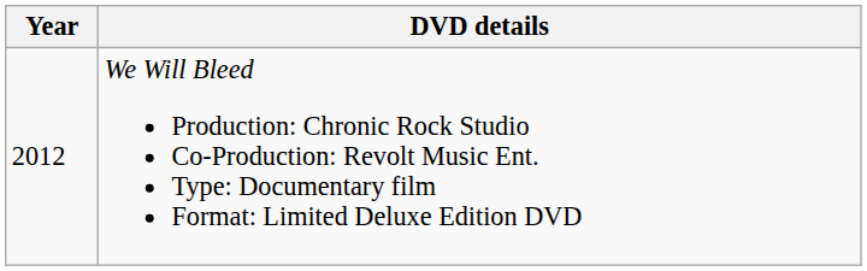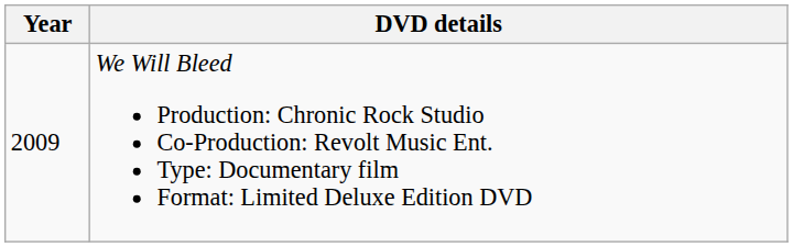 <table class="wikitable">
 <tr>
 <th style="width:3em">Year</th>
 <th style="width:28em">DVD details</th>
 </tr>
 <tr>
-<td>2012</td>
+<td>2009</td>
 <td><em>We Will Bleed</em><br><ul><li>Production: Chronic Rock Studio</li><li>Co-Production:  Revolt Music Ent.</li><li>Type: Documentary film</li><li>Format: Limited Deluxe Edition DVD</li></ul></td>
 </tr>
 </table>
